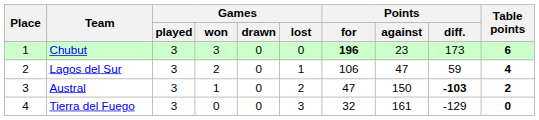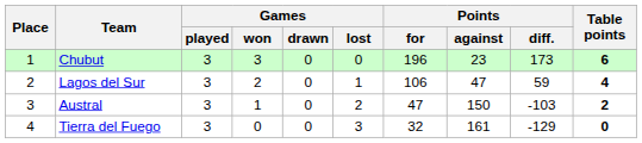 <table class="wikitable">
 <tr>
 <th rowspan=2 width="8%">Place</th>
 <th rowspan=2 width="20%">Team</th>
 <th colspan=4 width="32%">Games</th>
 <th colspan=3 width="30%">Points</th>
 <th rowspan=2 width="10%">Table<br>points</th>
 </tr>
 <tr>
 <th width="8%">played</th>
 <th width="8%">won</th>
 <th width="8%">drawn</th>
 <th width="8%">lost</th>
 <th width="10%">for</th>
 <th width="10%">against</th>
 <th width="10%">diff.</th>
 </tr>
 <tr align=center style="background: #ccffcc;">
 <td>1</td>
 <td align=left><a href='#'>Chubut</a></td>
 <td>3</td>
 <td>3</td>
 <td>0</td>
 <td>0</td>
-<td><strong>196</strong></td>
+<td>196</td>
 <td>23</td>
 <td>173</td>
 <td><strong>6</strong></td>
 </tr>
 <tr align=center style="background: #ffffff;">
 <td>2</td>
 <td align=left><a href='#'>Lagos del Sur</a></td>
 <td>3</td>
 <td>2</td>
 <td>0</td>
 <td>1</td>
 <td>106</td>
 <td>47</td>
 <td>59</td>
 <td><strong>4</strong></td>
 </tr>
 <tr align=center style="background: #ffffff;">
 <td>3</td>
 <td align=left><a href='#'>Austral</a></td>
 <td>3</td>
 <td>1</td>
 <td>0</td>
 <td>2</td>
 <td>47</td>
 <td>150</td>
-<td><strong>-103</strong></td>
+<td>-103</td>
 <td><strong>2</strong></td>
 </tr>
 <tr align=center style="background: #ffffff;">
 <td>4</td>
 <td align=left><a href='#'>Tierra del Fuego</a></td>
 <td>3</td>
 <td>0</td>
 <td>0</td>
 <td>3</td>
 <td>32</td>
 <td>161</td>
 <td>-129</td>
 <td><strong>0</strong></td>
 </tr>
 </table>
